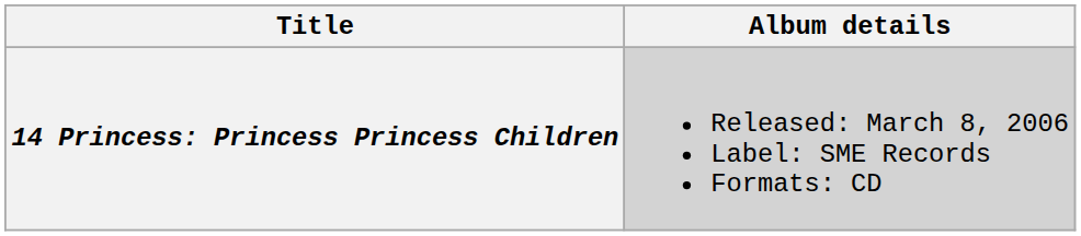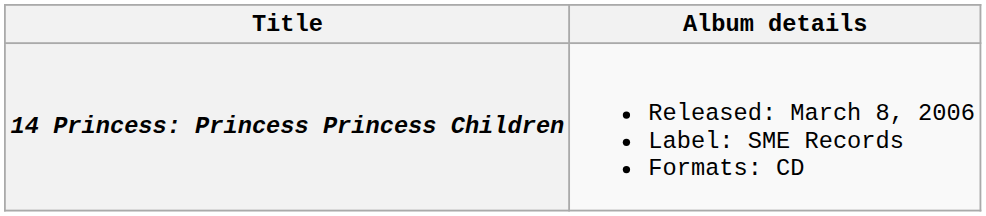 <table class="wikitable plainrowheaders">
 <tr>
 <th scope="col">Title</th>
 <th scope="col">Album details</th>
 </tr>
 <tr>
 <th scope="row"><em>14 Princess: Princess Princess Children</em></th>
-<td style="background: lightgrey;"><br><ul><li>Released: March 8, 2006</li><li>Label: SME Records</li><li>Formats: CD</li></ul></td>
+<td><br><ul><li>Released: March 8, 2006</li><li>Label: SME Records</li><li>Formats: CD</li></ul></td>
 </tr>
 </table>
